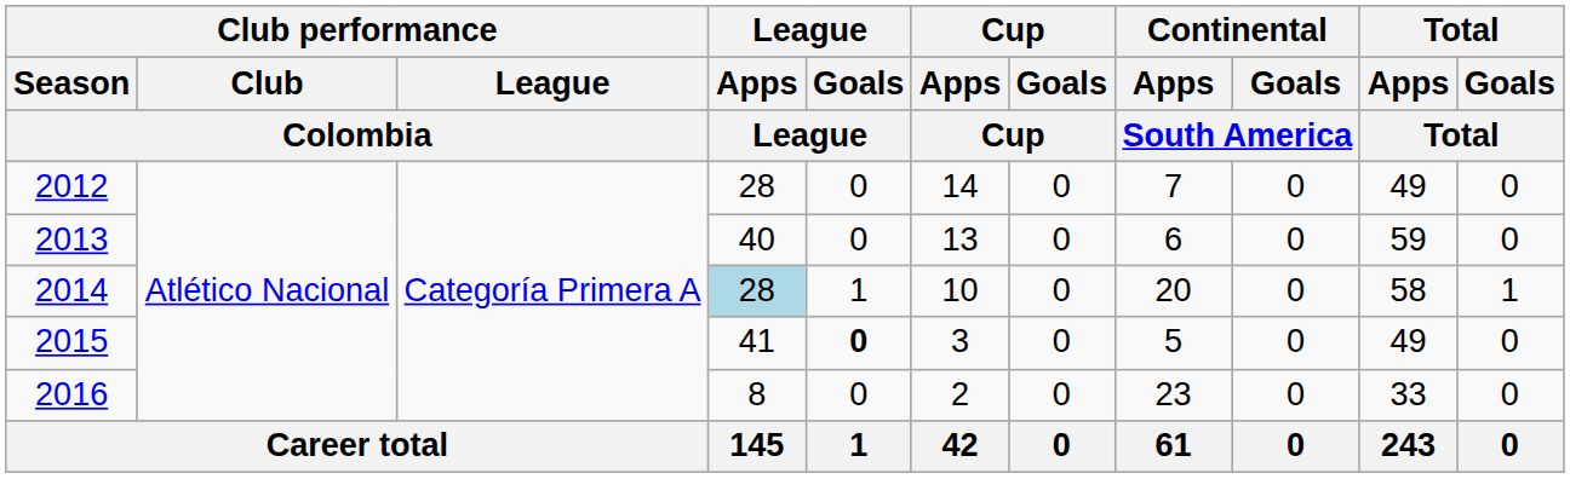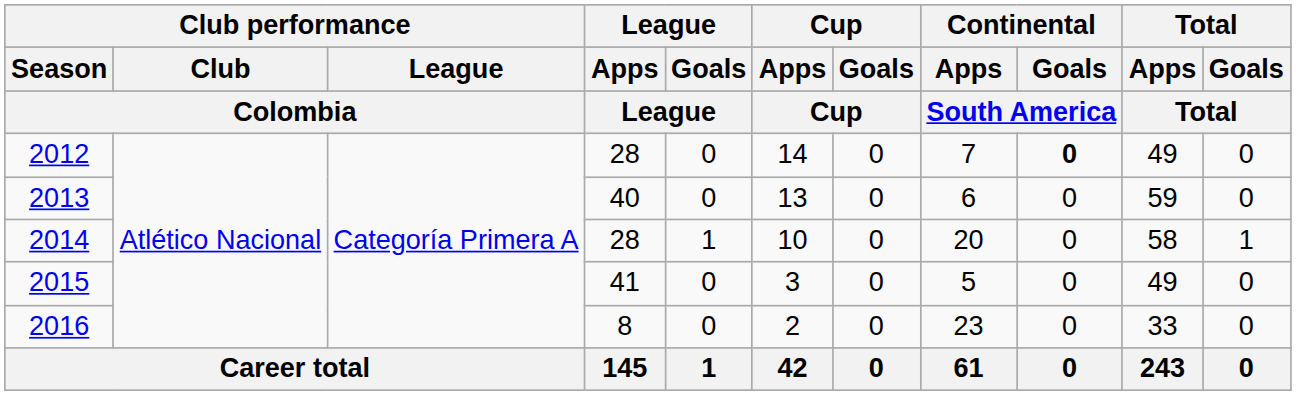 <table class="wikitable" style="text-align:center">
 <tr>
 <th colspan=3>Club performance</th>
 <th colspan=2>League</th>
 <th colspan=2>Cup</th>
 <th colspan=2>Continental</th>
 <th colspan=2>Total</th>
 </tr>
 <tr>
 <th>Season</th>
 <th>Club</th>
 <th>League</th>
 <th>Apps</th>
 <th>Goals</th>
 <th>Apps</th>
 <th>Goals</th>
 <th>Apps</th>
 <th>Goals</th>
 <th>Apps</th>
 <th>Goals</th>
 </tr>
 <tr>
 <th colspan=3>Colombia</th>
 <th colspan=2>League</th>
 <th colspan=2>Cup</th>
 <th colspan=2><a href='#'>South America</a></th>
 <th colspan=2>Total</th>
 </tr>
 <tr>
 <td><a href='#'>2012</a></td>
 <td rowspan="5"><a href='#'>Atlético Nacional</a></td>
 <td rowspan="5"><a href='#'>Categoría Primera A</a></td>
 <td>28</td>
 <td>0</td>
 <td>14</td>
 <td>0</td>
 <td>7</td>
-<td>0</td>
+<td><strong>0</strong></td>
 <td>49</td>
 <td>0</td>
 </tr>
 <tr>
 <td><a href='#'>2013</a></td>
 <td>40</td>
 <td>0</td>
 <td>13</td>
 <td>0</td>
 <td>6</td>
 <td>0</td>
 <td>59</td>
 <td>0</td>
 </tr>
 <tr>
 <td><a href='#'>2014</a></td>
-<td style="background: lightblue;">28</td>
+<td>28</td>
 <td>1</td>
 <td>10</td>
 <td>0</td>
 <td>20</td>
 <td>0</td>
 <td>58</td>
 <td>1</td>
 </tr>
 <tr>
 <td><a href='#'>2015</a></td>
 <td>41</td>
-<td><strong>0</strong></td>
+<td>0</td>
 <td>3</td>
 <td>0</td>
 <td>5</td>
 <td>0</td>
 <td>49</td>
 <td>0</td>
 </tr>
 <tr>
 <td><a href='#'>2016</a></td>
 <td>8</td>
 <td>0</td>
 <td>2</td>
 <td>0</td>
 <td>23</td>
 <td>0</td>
 <td>33</td>
 <td>0</td>
 </tr>
 <tr>
 <th colspan=3>Career total</th>
 <th>145</th>
 <th>1</th>
 <th>42</th>
 <th>0</th>
 <th>61</th>
 <th>0</th>
 <th>243</th>
 <th>0</th>
 </tr>
 </table>
